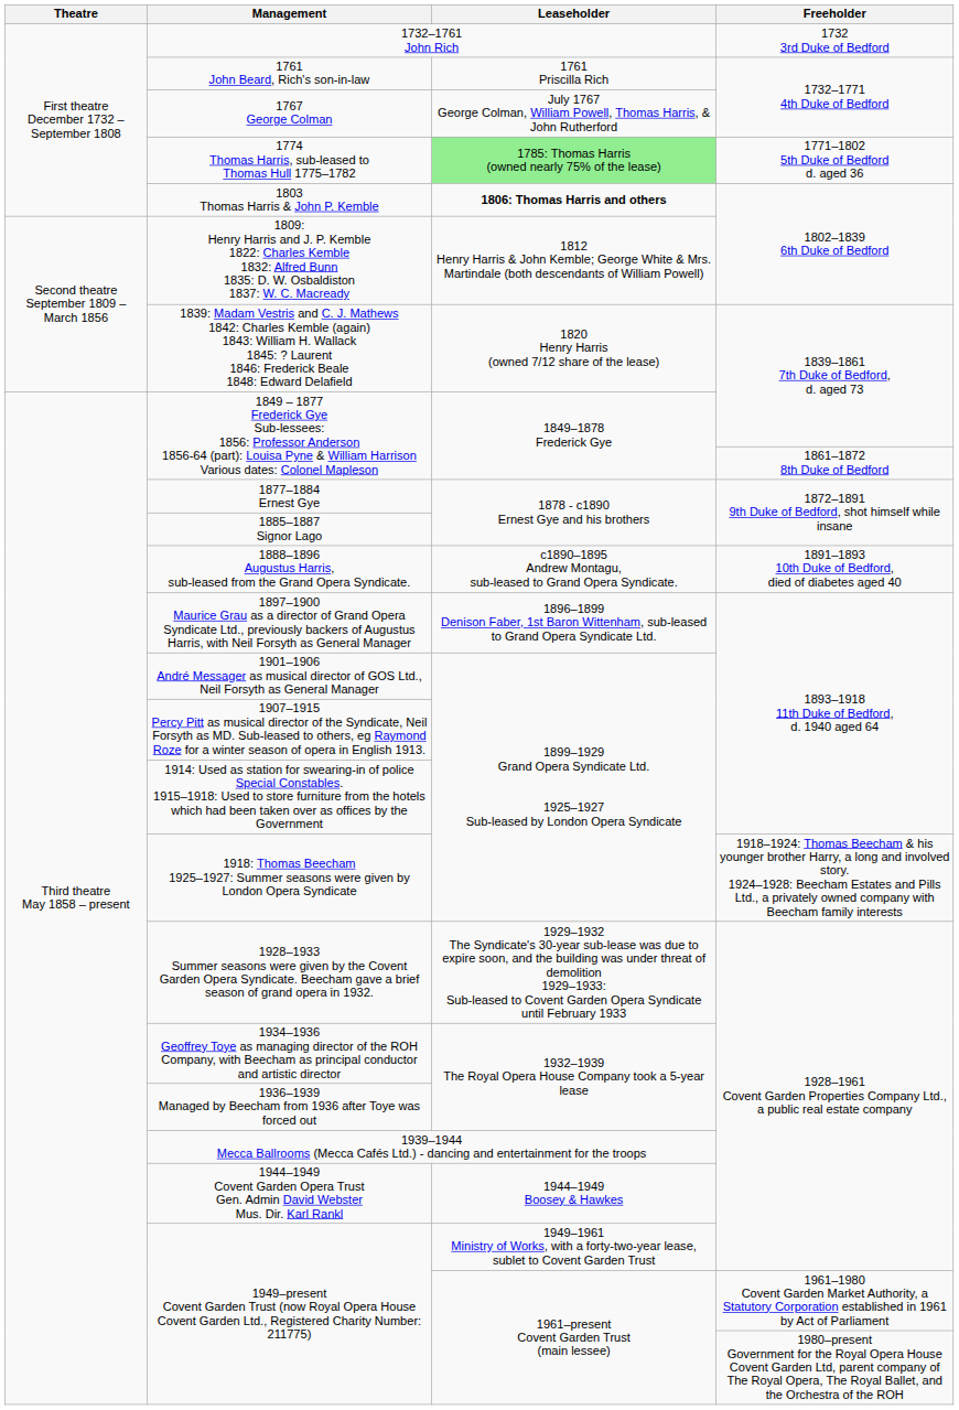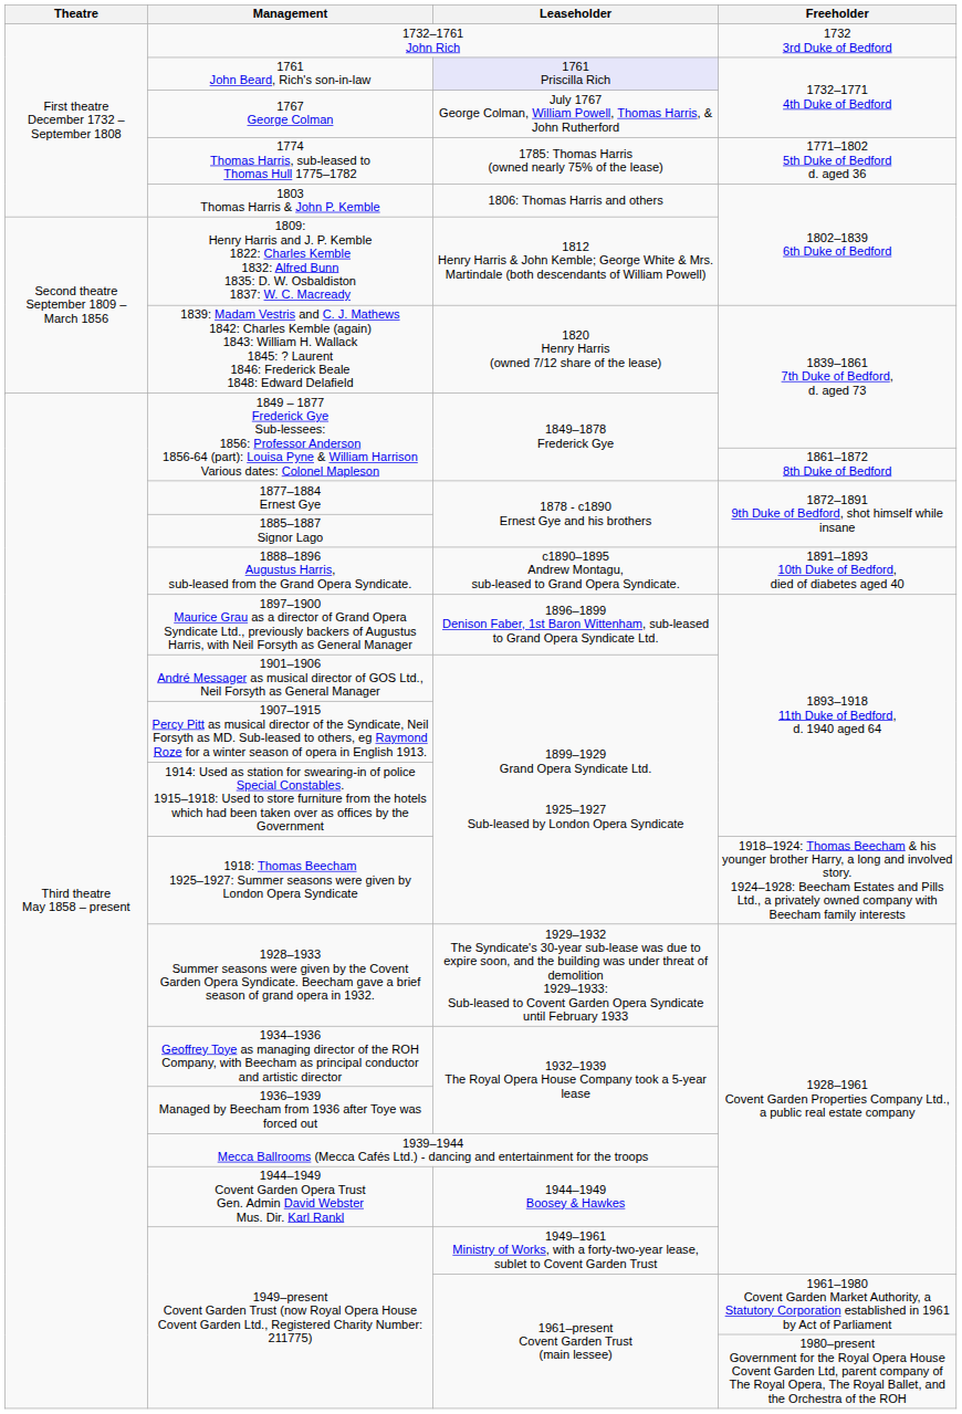 <table class="wikitable" style="text-align: center;">
 <tr>
 <th style="width:15%;">Theatre</th>
 <th style="width:30%;">Management</th>
 <th style="width:30%;">Leaseholder</th>
 <th style="width:25%;">Freeholder</th>
 </tr>
 <tr>
 <td rowspan="6">First theatre<br> December 1732 – September 1808</td>
 <td colspan="2" rowspan="2">1732–1761<br> <a href='#'>John Rich</a></td>
 <td>1732<br> <a href='#'>3rd Duke of Bedford</a></td>
 </tr>
 <tr>
 <td rowspan="3">1732–1771<br> <a href='#'>4th Duke of Bedford</a></td>
 </tr>
 <tr>
 <td>1761<br> <a href='#'>John Beard</a>, Rich's son-in-law</td>
-<td>1761<br> Priscilla Rich</td>
+<td style="background: lavender;">1761<br> Priscilla Rich</td>
 </tr>
 <tr>
 <td>1767<br> <a href='#'>George Colman</a></td>
 <td>July 1767<br> George Colman, <a href='#'>William Powell</a>, <a href='#'>Thomas Harris</a>, & John Rutherford</td>
 </tr>
 <tr>
 <td>1774<br> <a href='#'>Thomas Harris</a>, sub-leased to<br> <a href='#'>Thomas Hull</a> 1775–1782</td>
-<td style="background: lightgreen;">1785: Thomas Harris<br> (owned nearly 75% of the lease)</td>
+<td>1785: Thomas Harris<br> (owned nearly 75% of the lease)</td>
 <td>1771–1802<br> <a href='#'>5th Duke of Bedford</a><br> d. aged 36</td>
 </tr>
 <tr>
 <td>1803<br> Thomas Harris & <a href='#'>John P. Kemble</a></td>
-<td><strong>1806: Thomas Harris and others</strong></td>
+<td>1806: Thomas Harris and others</td>
 <td rowspan="2">1802–1839<br> <a href='#'>6th Duke of Bedford</a></td>
 </tr>
 <tr>
 <td rowspan="3">Second theatre<br> September 1809 – March 1856</td>
 <td>1809:<br>Henry Harris and J. P. Kemble<br>1822: <a href='#'>Charles Kemble</a><br>1832: <a href='#'>Alfred Bunn</a><br>1835: D. W. Osbaldiston<br>1837: <a href='#'>W. C. Macready</a></td>
 <td>1812<br> Henry Harris & John Kemble; George White & Mrs. Martindale (both descendants of William Powell)</td>
 </tr>
 <tr>
 <td>1839: <a href='#'>Madam Vestris</a> and <a href='#'>C. J. Mathews</a><br> 1842: Charles Kemble (again)<br>1843: William H. Wallack<br> 1845: ? Laurent<br> 1846: Frederick Beale<br> 1848: Edward Delafield</td>
 <td>1820<br>Henry Harris<br>(owned 7/12 share of the lease)</td>
 <td rowspan="3">1839–1861<br> <a href='#'>7th Duke of Bedford</a>,<br> d. aged 73</td>
 </tr>
 <tr>
 <td rowspan="3">1849 – 1877<br> <a href='#'>Frederick Gye</a><br> Sub-lessees:<br>1856: <a href='#'>Professor Anderson</a><br> 1856-64 (part): <a href='#'>Louisa Pyne</a> & <a href='#'>William Harrison</a><br> Various dates: <a href='#'>Colonel Mapleson</a></td>
 <td rowspan="3">1849–1878<br> Frederick Gye</td>
 </tr>
 <tr>
 <td rowspan="18">Third theatre<br> May 1858 – present</td>
 </tr>
 <tr>
 <td>1861–1872<br> <a href='#'>8th Duke of Bedford</a></td>
 </tr>
 <tr>
 <td>1877–1884<br> Ernest Gye</td>
 <td rowspan="2">1878 - c1890<br> Ernest Gye and his brothers</td>
 <td rowspan="2">1872–1891<br> <a href='#'>9th Duke of Bedford</a>, shot himself while insane</td>
 </tr>
 <tr>
 <td>1885–1887<br> Signor Lago</td>
 </tr>
 <tr>
 <td>1888–1896<br> <a href='#'>Augustus Harris</a>,<br>sub-leased from the Grand Opera Syndicate.</td>
 <td>c1890–1895<br> Andrew Montagu,<br>sub-leased to Grand Opera Syndicate.</td>
 <td>1891–1893<br> <a href='#'>10th Duke of Bedford</a>,<br> died of diabetes aged 40</td>
 </tr>
 <tr>
 <td>1897–1900<br> <a href='#'>Maurice Grau</a> as a director of Grand Opera Syndicate Ltd., previously backers of Augustus Harris, with Neil Forsyth as General Manager</td>
 <td>1896–1899<br> <a href='#'>Denison Faber, 1st Baron Wittenham</a>, sub-leased to Grand Opera Syndicate Ltd.</td>
 <td rowspan="4">1893–1918<br> <a href='#'>11th Duke of Bedford</a>,<br> d. 1940 aged 64</td>
 </tr>
 <tr>
 <td>1901–1906<br> <a href='#'>André Messager</a> as musical director of GOS Ltd., Neil Forsyth as General Manager</td>
 <td rowspan="4">1899–1929<br> Grand Opera Syndicate Ltd.<br><br><br>1925–1927<br> Sub-leased by London Opera Syndicate</td>
 </tr>
 <tr>
 <td>1907–1915<br> <a href='#'>Percy Pitt</a> as musical director of the Syndicate, Neil Forsyth as MD. Sub-leased to others, eg <a href='#'>Raymond Roze</a> for a winter season of opera in English 1913.</td>
 </tr>
 <tr>
 <td>1914: Used as station for swearing-in of police <a href='#'>Special Constables</a>.<br>1915–1918: Used to store furniture from the hotels which had been taken over as offices by the Government</td>
 </tr>
 <tr>
 <td>1918: <a href='#'>Thomas Beecham</a><br>1925–1927: Summer seasons were given by London Opera Syndicate</td>
 <td>1918–1924: <a href='#'>Thomas Beecham</a> & his younger brother Harry, a long and involved story.<br>1924–1928: Beecham Estates and Pills Ltd., a privately owned company with Beecham family interests</td>
 </tr>
 <tr>
 <td>1928–1933<br> Summer seasons were given by the Covent Garden Opera Syndicate. Beecham gave a brief season of grand opera in 1932.</td>
 <td>1929–1932<br> The Syndicate's 30-year sub-lease was due to expire soon, and the building was under threat of demolition<br> 1929–1933:<br> Sub-leased to Covent Garden Opera Syndicate until February 1933</td>
 <td rowspan="6">1928–1961<br> Covent Garden Properties Company Ltd., a public real estate company </td>
 </tr>
 <tr>
 <td>1934–1936<br> <a href='#'>Geoffrey Toye</a> as managing director of the ROH Company, with Beecham as principal conductor and artistic director</td>
 <td rowspan="2">1932–1939<br>The Royal Opera House Company took a 5-year lease</td>
 </tr>
 <tr>
 <td>1936–1939<br> Managed by Beecham from 1936 after Toye was forced out</td>
 </tr>
 <tr>
 <td colspan="2">1939–1944<br> <a href='#'>Mecca Ballrooms</a> (Mecca Cafés Ltd.) - dancing and entertainment for the troops</td>
 </tr>
 <tr>
 <td>1944–1949<br>  Covent Garden Opera Trust<br> Gen. Admin <a href='#'>David Webster</a><br> Mus. Dir. <a href='#'>Karl Rankl</a></td>
 <td>1944–1949<br>  <a href='#'>Boosey & Hawkes</a></td>
 </tr>
 <tr>
 <td rowspan="3">1949–present<br>  Covent Garden Trust (now Royal Opera House Covent Garden Ltd., Registered Charity Number: 211775)</td>
 <td>1949–1961<br>  <a href='#'>Ministry of Works</a>, with a forty-two-year lease, sublet to Covent Garden Trust</td>
 </tr>
 <tr>
 <td rowspan="2">1961–present<br> Covent Garden Trust<br>(main lessee)</td>
 <td>1961–1980<br>Covent Garden Market Authority, a <a href='#'>Statutory Corporation</a> established in 1961 by Act of Parliament</td>
 </tr>
 <tr>
 <td>1980–present<br>Government for the Royal Opera House Covent Garden Ltd, parent company of The Royal Opera, The Royal Ballet, and the Orchestra of the ROH</td>
 </tr>
 </table>
